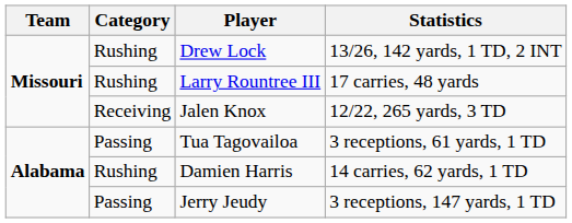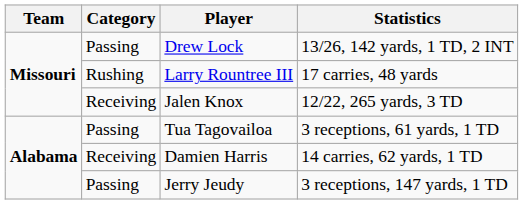 <table class="wikitable" style="float: right;">
 <tr>
 <th>Team</th>
 <th>Category</th>
 <th>Player</th>
 <th>Statistics</th>
 </tr>
 <tr>
 <td rowspan=3><strong>Missouri</strong></td>
-<td>Rushing</td>
+<td>Passing</td>
 <td><a href='#'>Drew Lock</a></td>
 <td>13/26, 142 yards, 1 TD, 2 INT</td>
 </tr>
 <tr>
 <td>Rushing</td>
 <td><a href='#'>Larry Rountree III</a></td>
 <td>17 carries, 48 yards</td>
 </tr>
 <tr>
 <td>Receiving</td>
 <td>Jalen Knox</td>
 <td>12/22, 265 yards, 3 TD</td>
 </tr>
 <tr>
 <td rowspan=3><strong>Alabama</strong></td>
 <td>Passing</td>
 <td>Tua Tagovailoa</td>
 <td>3 receptions, 61 yards, 1 TD</td>
 </tr>
 <tr>
-<td>Rushing</td>
+<td>Receiving</td>
 <td>Damien Harris</td>
 <td>14 carries, 62 yards, 1 TD</td>
 </tr>
 <tr>
 <td>Passing</td>
 <td>Jerry Jeudy</td>
 <td>3 receptions, 147 yards, 1 TD</td>
 </tr>
 </table>
